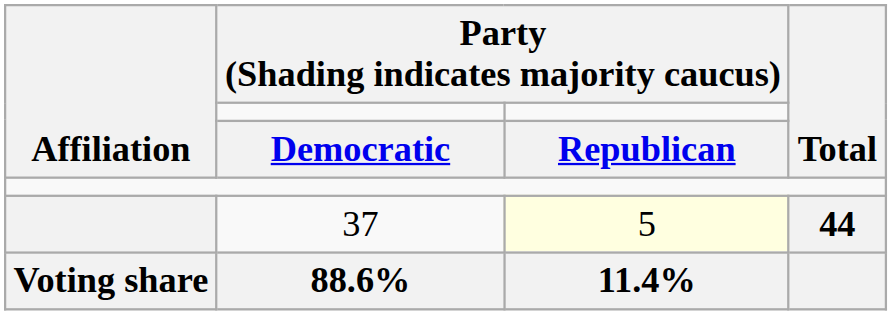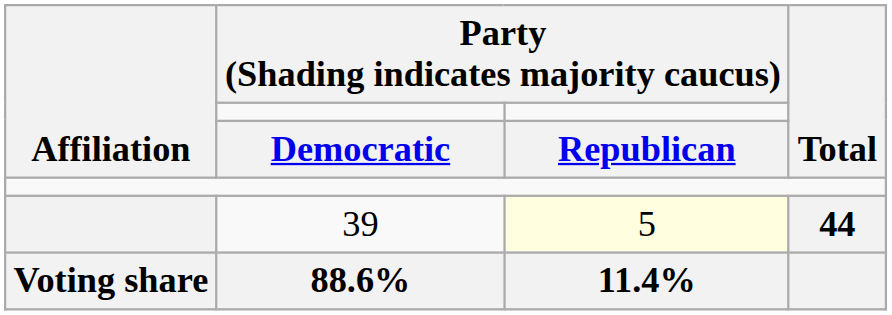 <table class=wikitable style="text-align:center">
 <tr style="vertical-align:bottom;">
 <th rowspan=3>Affiliation</th>
 <th colspan=2>Party <div>(Shading indicates majority caucus)</div></th>
 <th rowspan=3>Total</th>
 </tr>
 <tr style="height:5px">
 <td style="background-color:"></td>
 <td style="background-color:"></td>
 </tr>
 <tr>
 <th><a href='#'>Democratic</a></th>
 <th><a href='#'>Republican</a></th>
 </tr>
 <tr>
 <td colspan=5></td>
 </tr>
 <tr>
 <th nowrap style="font-size:80%"></th>
-<td>37</td>
+<td>39</td>
 <td style="background: lightyellow;">5</td>
 <th>44</th>
 </tr>
 <tr>
 <th>Voting share</th>
 <th>88.6%</th>
 <th>11.4% </th>
 <th colspan=2></th>
 </tr>
 </table>
